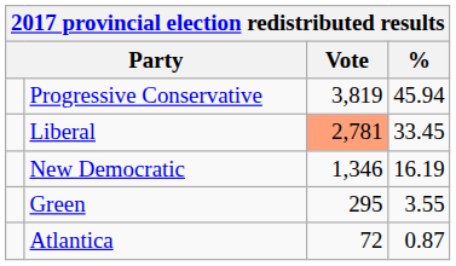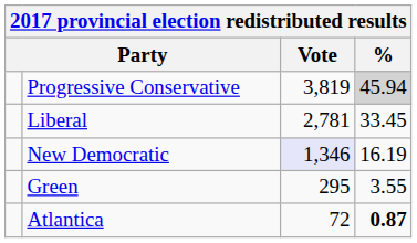 <table class="wikitable">
 <tr>
 <th colspan="4"><a href='#'>2017 provincial election</a> redistributed results</th>
 </tr>
 <tr>
 <th bgcolor="#DDDDFF" width="130px" colspan="2">Party</th>
 <th bgcolor="#DDDDFF" width="50px">Vote</th>
 <th bgcolor="#DDDDFF" width="30px">%</th>
 </tr>
 <tr>
 <td> </td>
 <td><a href='#'>Progressive Conservative</a></td>
 <td align=right>3,819</td>
-<td align=right>45.94</td>
+<td align=right style="background: lightgrey;">45.94</td>
 </tr>
 <tr>
 <td> </td>
 <td><a href='#'>Liberal</a></td>
-<td align=right style="background: lightsalmon;">2,781</td>
+<td align=right>2,781</td>
 <td align=right>33.45</td>
 </tr>
 <tr>
 <td> </td>
 <td><a href='#'>New Democratic</a></td>
-<td align=right>1,346</td>
+<td align=right style="background: lavender;">1,346</td>
 <td align=right>16.19</td>
 </tr>
 <tr>
 <td> </td>
 <td><a href='#'>Green</a></td>
 <td align=right>295</td>
 <td align=right>3.55</td>
 </tr>
 <tr>
 <td> </td>
 <td><a href='#'>Atlantica</a></td>
 <td align=right>72</td>
-<td align=right>0.87</td>
+<td align=right><strong>0.87</strong></td>
 </tr>
 </table>
